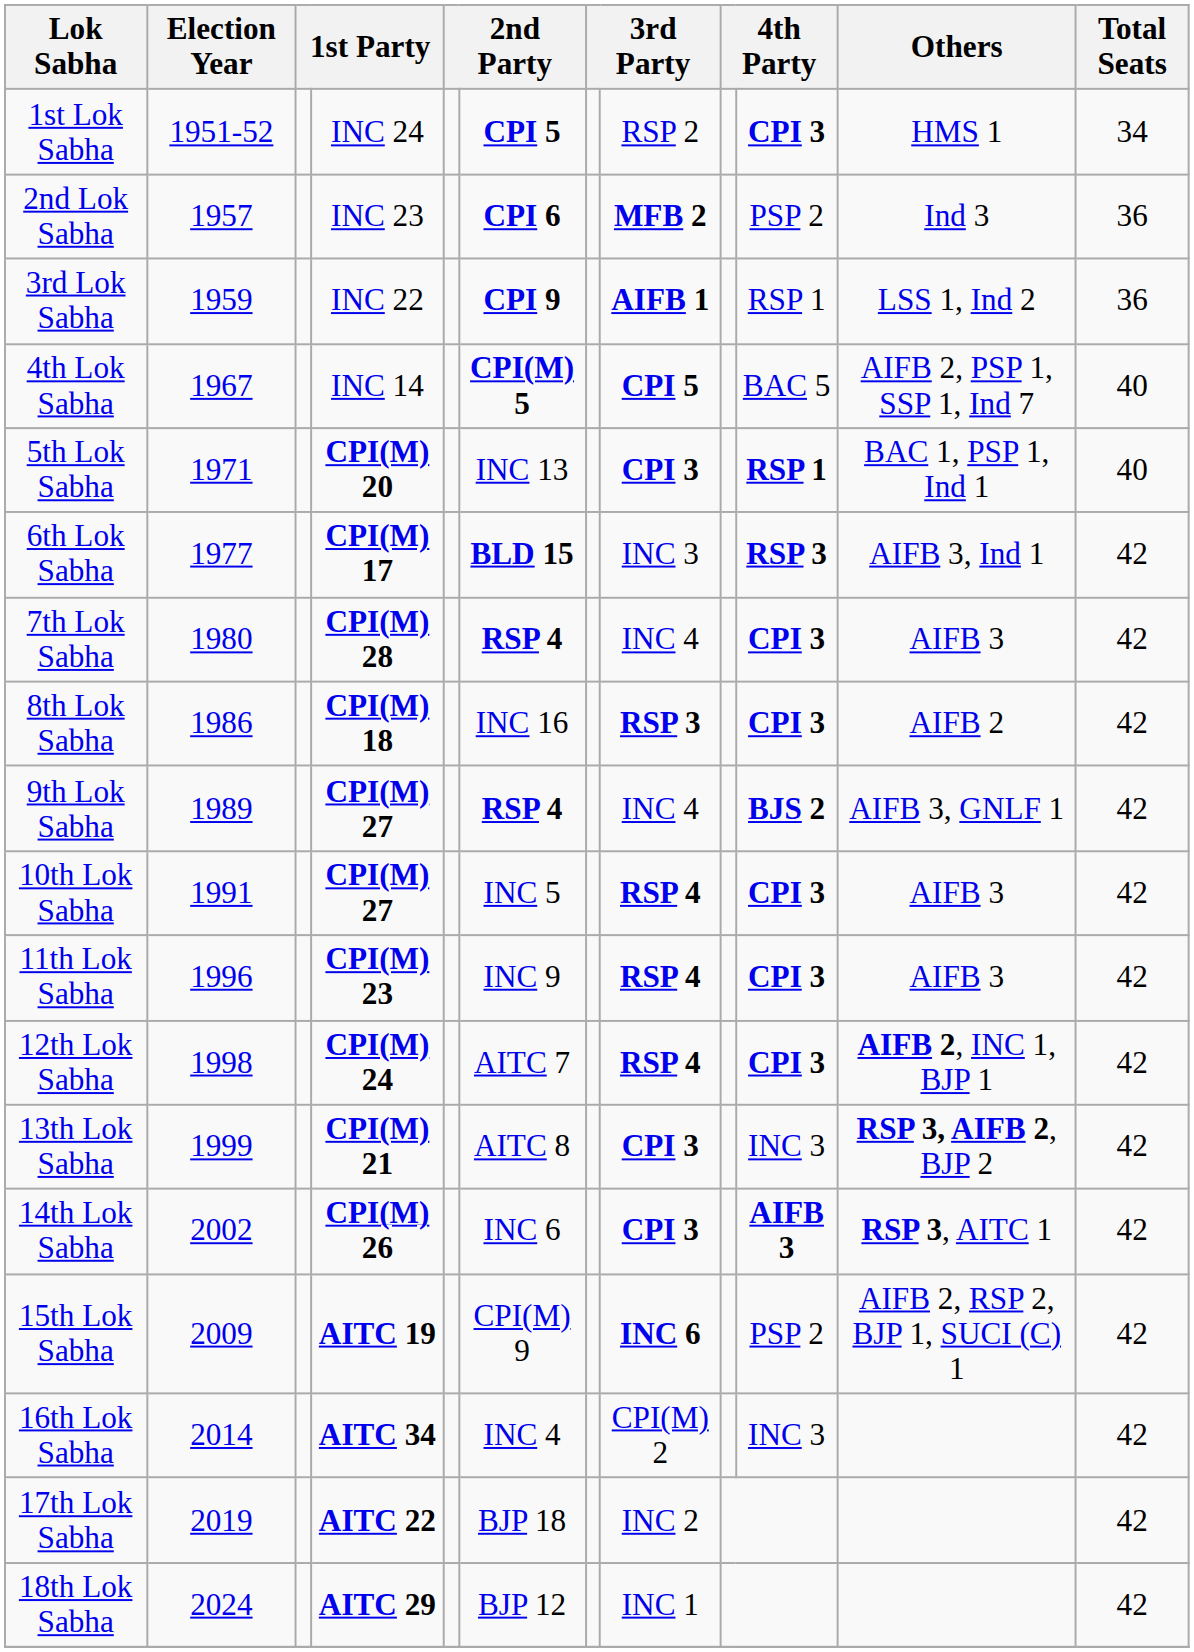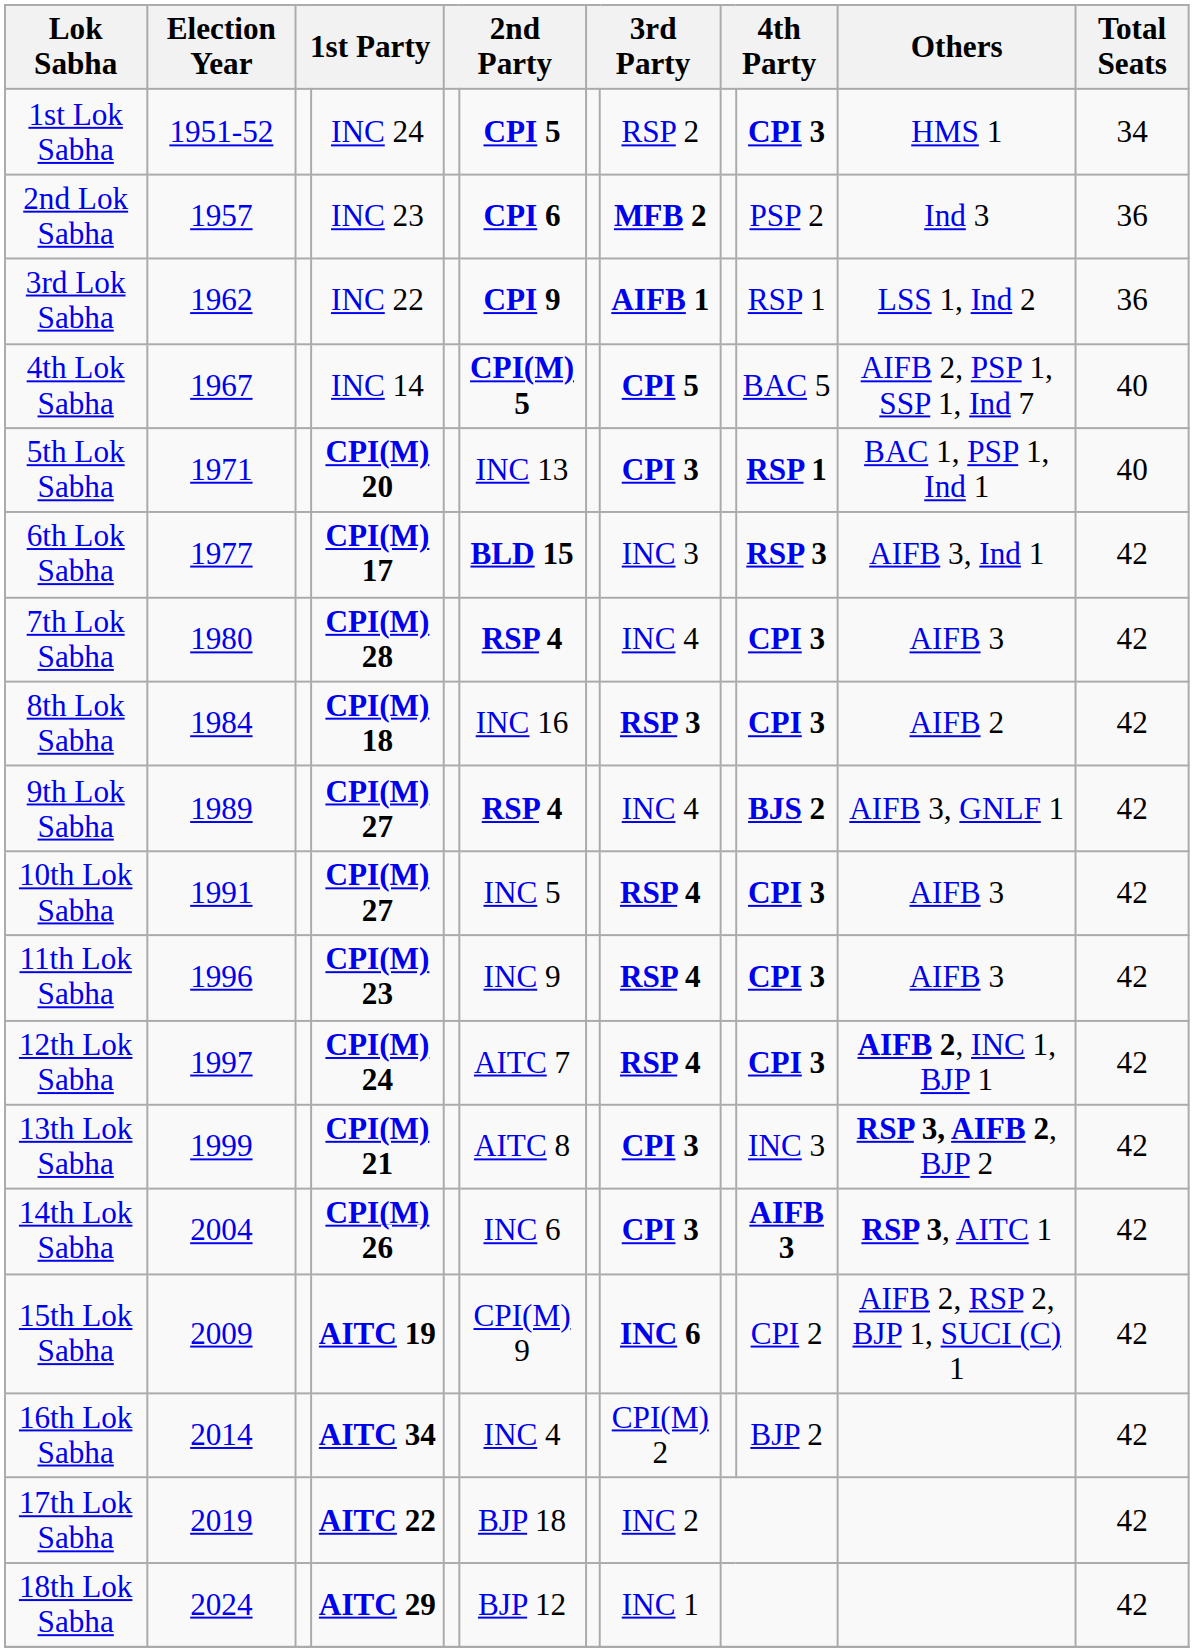 <table class="wikitable" style="text-align:center">
 <tr>
 <th>Lok Sabha</th>
 <th>Election Year</th>
 <th colspan="2">1st Party</th>
 <th colspan="2">2nd Party</th>
 <th colspan="2">3rd Party</th>
 <th colspan="2">4th Party</th>
 <th>Others</th>
 <th>Total Seats</th>
 </tr>
 <tr>
 <td><a href='#'>1st Lok Sabha</a></td>
 <td><a href='#'>1951-52</a></td>
 <td style="background-color: "></td>
 <td><a href='#'>INC</a> 24</td>
 <td style="background-color:"></td>
 <td><strong><a href='#'>CPI</a> 5</strong></td>
 <td style="background-color: "></td>
 <td><a href='#'>RSP</a> 2</td>
 <td style="background-color:"></td>
 <td><strong><a href='#'>CPI</a> 3</strong></td>
 <td><a href='#'>HMS</a> 1</td>
 <td>34</td>
 </tr>
 <tr>
 <td><a href='#'>2nd Lok Sabha</a></td>
 <td><a href='#'>1957</a></td>
 <td style="background-color: "></td>
 <td><a href='#'>INC</a> 23</td>
 <td style="background-color:"></td>
 <td><strong><a href='#'>CPI</a> 6</strong></td>
 <td style="background-color:"></td>
 <td><strong><a href='#'>MFB</a> 2</strong></td>
 <td style="background-color: "></td>
 <td><a href='#'>PSP</a> 2</td>
 <td><a href='#'>Ind</a> 3</td>
 <td>36</td>
 </tr>
 <tr>
 <td><a href='#'>3rd Lok Sabha</a></td>
-<td><a href='#'>1959</a></td>
+<td><a href='#'>1962</a></td>
 <td style="background-color: "></td>
 <td><a href='#'>INC</a> 22</td>
 <td style="background-color:"></td>
 <td><strong><a href='#'>CPI</a> 9</strong></td>
 <td style="background-color:"></td>
 <td><strong><a href='#'>AIFB</a> 1</strong></td>
 <td style="background-color: "></td>
 <td><a href='#'>RSP</a> 1</td>
 <td><a href='#'>LSS</a> 1, <a href='#'>Ind</a> 2</td>
 <td>36</td>
 </tr>
 <tr>
 <td><a href='#'>4th Lok Sabha</a></td>
 <td><a href='#'>1967</a></td>
 <td style="background-color: "></td>
 <td><a href='#'>INC</a> 14</td>
 <td style="background-color:"></td>
 <td><strong><a href='#'>CPI(M)</a> 5</strong></td>
 <td style="background-color:"></td>
 <td><strong><a href='#'>CPI</a> 5</strong></td>
 <td style="background-color: "></td>
 <td><a href='#'>BAC</a> 5</td>
 <td><a href='#'>AIFB</a> 2, <a href='#'>PSP</a> 1, <a href='#'>SSP</a> 1, <a href='#'>Ind</a> 7</td>
 <td>40</td>
 </tr>
 <tr>
 <td><a href='#'>5th Lok Sabha</a></td>
 <td><a href='#'>1971</a></td>
 <td style="background-color:"></td>
 <td><strong><a href='#'>CPI(M)</a> 20</strong></td>
 <td style="background-color: "></td>
 <td><a href='#'>INC</a> 13</td>
 <td style="background-color:"></td>
 <td><strong><a href='#'>CPI</a> 3</strong></td>
 <td style="background-color:"></td>
 <td><strong><a href='#'>RSP</a> 1</strong></td>
 <td><a href='#'>BAC</a> 1, <a href='#'>PSP</a> 1, <a href='#'>Ind</a> 1</td>
 <td>40</td>
 </tr>
 <tr>
 <td><a href='#'>6th Lok Sabha</a></td>
 <td><a href='#'>1977</a></td>
 <td style="background-color:"></td>
 <td><strong><a href='#'>CPI(M)</a> 17</strong></td>
 <td style="background-color:"></td>
 <td><strong><a href='#'>BLD</a> 15</strong></td>
 <td style="background-color: "></td>
 <td><a href='#'>INC</a> 3</td>
 <td style="background-color:"></td>
 <td><strong><a href='#'>RSP</a> 3</strong></td>
 <td><a href='#'>AIFB</a> 3, <a href='#'>Ind</a> 1</td>
 <td>42</td>
 </tr>
 <tr>
 <td><a href='#'>7th Lok Sabha</a></td>
 <td><a href='#'>1980</a></td>
 <td style="background-color:"></td>
 <td><strong><a href='#'>CPI(M)</a> 28</strong></td>
 <td style="background-color:"></td>
 <td><strong><a href='#'>RSP</a> 4</strong></td>
 <td style="background-color: "></td>
 <td><a href='#'>INC</a> 4</td>
 <td style="background-color:"></td>
 <td><strong><a href='#'>CPI</a> 3</strong></td>
 <td><a href='#'>AIFB</a> 3</td>
 <td>42</td>
 </tr>
 <tr>
 <td><a href='#'>8th Lok Sabha</a></td>
-<td><a href='#'>1986</a></td>
+<td><a href='#'>1984</a></td>
 <td style="background-color:"></td>
 <td><strong><a href='#'>CPI(M)</a> 18</strong></td>
 <td style="background-color: "></td>
 <td><a href='#'>INC</a> 16</td>
 <td style="background-color:"></td>
 <td><strong><a href='#'>RSP</a> 3</strong></td>
 <td style="background-color:"></td>
 <td><strong><a href='#'>CPI</a> 3</strong></td>
 <td><a href='#'>AIFB</a> 2</td>
 <td>42</td>
 </tr>
 <tr>
 <td><a href='#'>9th Lok Sabha</a></td>
 <td><a href='#'>1989</a></td>
 <td style="background-color:"></td>
 <td><strong><a href='#'>CPI(M)</a> 27</strong></td>
 <td style="background-color:"></td>
 <td><strong><a href='#'>RSP</a> 4</strong></td>
 <td style="background-color: "></td>
 <td><a href='#'>INC</a> 4</td>
 <td style="background-color:"></td>
 <td><strong><a href='#'>BJS</a> 2</strong></td>
 <td><a href='#'>AIFB</a> 3, <a href='#'>GNLF</a> 1</td>
 <td>42</td>
 </tr>
 <tr>
 <td><a href='#'>10th Lok Sabha</a></td>
 <td><a href='#'>1991</a></td>
 <td style="background-color:"></td>
 <td><strong><a href='#'>CPI(M)</a> 27</strong></td>
 <td style="background-color: "></td>
 <td><a href='#'>INC</a> 5</td>
 <td style="background-color:"></td>
 <td><strong><a href='#'>RSP</a> 4</strong></td>
 <td style="background-color:"></td>
 <td><strong><a href='#'>CPI</a> 3</strong></td>
 <td><a href='#'>AIFB</a> 3</td>
 <td>42</td>
 </tr>
 <tr>
 <td><a href='#'>11th Lok Sabha</a></td>
 <td><a href='#'>1996</a></td>
 <td style="background-color:"></td>
 <td><strong><a href='#'>CPI(M)</a> 23</strong></td>
 <td style="background-color: "></td>
 <td><a href='#'>INC</a> 9</td>
 <td style="background-color:"></td>
 <td><strong><a href='#'>RSP</a> 4</strong></td>
 <td style="background-color:"></td>
 <td><strong><a href='#'>CPI</a> 3</strong></td>
 <td><a href='#'>AIFB</a> 3</td>
 <td>42</td>
 </tr>
 <tr>
 <td><a href='#'>12th Lok Sabha</a></td>
-<td><a href='#'>1998</a></td>
+<td><a href='#'>1997</a></td>
 <td style="background-color:"></td>
 <td><strong><a href='#'>CPI(M)</a> 24</strong></td>
 <td style="background-color:"></td>
 <td><a href='#'>AITC</a> 7</td>
 <td style="background-color:"></td>
 <td><strong><a href='#'>RSP</a> 4</strong></td>
 <td style="background-color:"></td>
 <td><strong><a href='#'>CPI</a> 3</strong></td>
 <td><strong><a href='#'>AIFB</a> 2</strong>, <a href='#'>INC</a> 1, <a href='#'>BJP</a> 1</td>
 <td>42</td>
 </tr>
 <tr>
 <td><a href='#'>13th Lok Sabha</a></td>
 <td><a href='#'>1999</a></td>
 <td style="background-color:"></td>
 <td><strong><a href='#'>CPI(M)</a> 21</strong></td>
 <td style="background-color:"></td>
 <td><a href='#'>AITC</a> 8</td>
 <td style="background-color:"></td>
 <td><strong><a href='#'>CPI</a> 3</strong></td>
 <td style="background-color: "></td>
 <td><a href='#'>INC</a> 3</td>
 <td><strong><a href='#'>RSP</a> 3, <a href='#'>AIFB</a> 2</strong>, <a href='#'>BJP</a> 2</td>
 <td>42</td>
 </tr>
 <tr>
 <td><a href='#'>14th Lok Sabha</a></td>
-<td><a href='#'>2002</a></td>
+<td><a href='#'>2004</a></td>
 <td style="background-color:"></td>
 <td><strong><a href='#'>CPI(M)</a> 26</strong></td>
 <td style="background-color: "></td>
 <td><a href='#'>INC</a> 6</td>
 <td style="background-color:"></td>
 <td><strong><a href='#'>CPI</a> 3</strong></td>
 <td style="background-color:"></td>
 <td><strong><a href='#'>AIFB</a> 3</strong></td>
 <td><strong><a href='#'>RSP</a> 3</strong>, <a href='#'>AITC</a> 1</td>
 <td>42</td>
 </tr>
 <tr>
 <td><a href='#'>15th Lok Sabha</a></td>
 <td><a href='#'>2009</a></td>
 <td style="background-color:"></td>
 <td><strong><a href='#'>AITC</a> 19</strong></td>
 <td style="background-color:"></td>
 <td><a href='#'>CPI(M)</a> 9</td>
 <td style="background-color: "></td>
 <td><strong><a href='#'>INC</a> 6</strong></td>
 <td style="background-color:"></td>
-<td><a href='#'>PSP</a> 2</td>
+<td><a href='#'>CPI</a> 2</td>
 <td><a href='#'>AIFB</a> 2, <a href='#'>RSP</a> 2, <a href='#'>BJP</a> 1, <a href='#'>SUCI (C)</a> 1</td>
 <td>42</td>
 </tr>
 <tr>
 <td><a href='#'>16th Lok Sabha</a></td>
 <td><a href='#'>2014</a></td>
 <td style="background-color:"></td>
 <td><strong><a href='#'>AITC</a> 34</strong></td>
 <td style="background-color: "></td>
 <td><a href='#'>INC</a> 4</td>
 <td style="background-color:"></td>
 <td><a href='#'>CPI(M)</a> 2</td>
 <td style="background-color: "></td>
-<td><a href='#'>INC</a> 3</td>
+<td><a href='#'>BJP</a> 2</td>
 <td></td>
 <td>42</td>
 </tr>
 <tr>
 <td><a href='#'>17th Lok Sabha</a></td>
 <td><a href='#'>2019</a></td>
 <td style="background-color:"></td>
 <td><strong><a href='#'>AITC</a> 22</strong></td>
 <td style="background-color: "></td>
 <td><a href='#'>BJP</a> 18</td>
 <td style="background-color: "></td>
 <td><a href='#'>INC</a> 2</td>
 <td colspan="2"></td>
 <td></td>
 <td>42</td>
 </tr>
 <tr>
 <td><a href='#'>18th Lok Sabha</a></td>
 <td><a href='#'>2024</a></td>
 <td style="background-color:"></td>
 <td><strong><a href='#'>AITC</a> 29</strong></td>
 <td style="background-color: "></td>
 <td><a href='#'>BJP</a> 12</td>
 <td style="background-color: "></td>
 <td><a href='#'>INC</a> 1</td>
 <td colspan="2"></td>
 <td></td>
 <td>42</td>
 </tr>
 <tr>
 </tr>
 </table>
